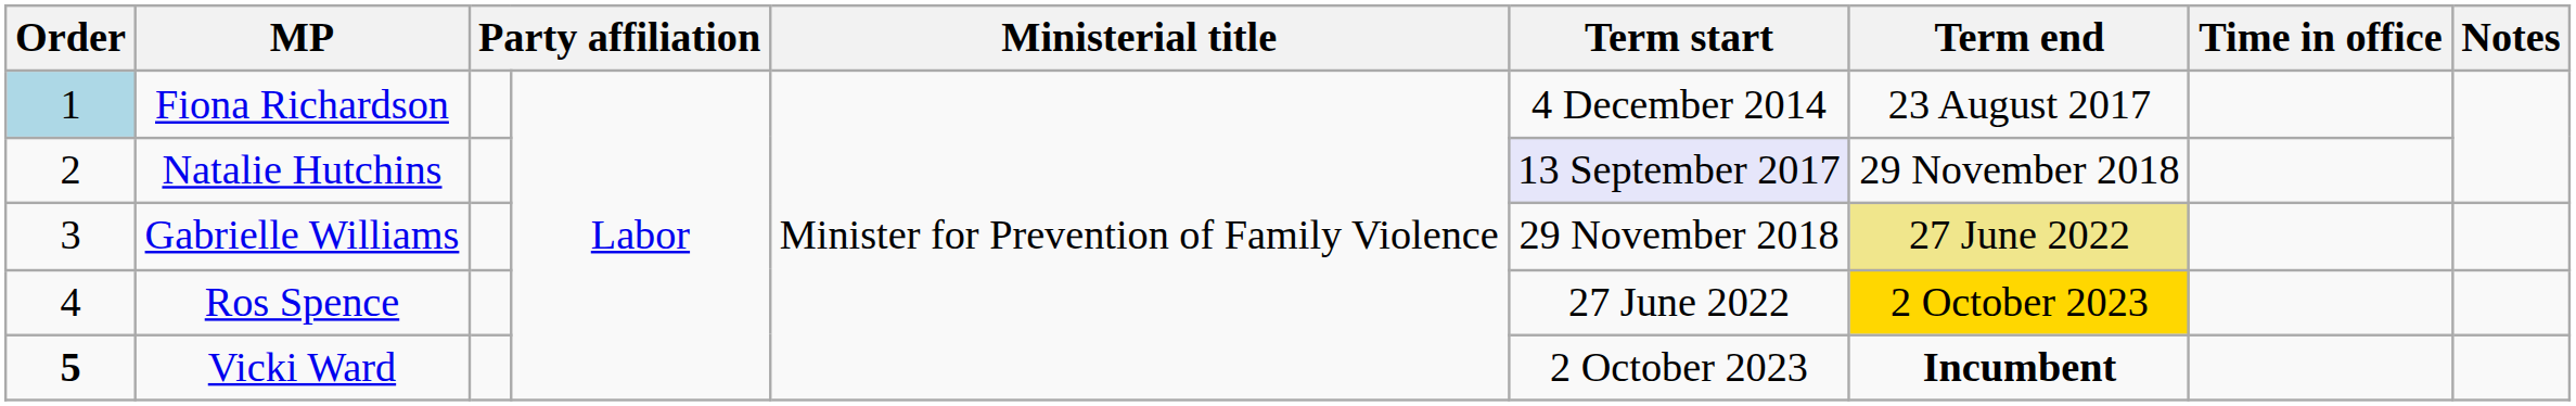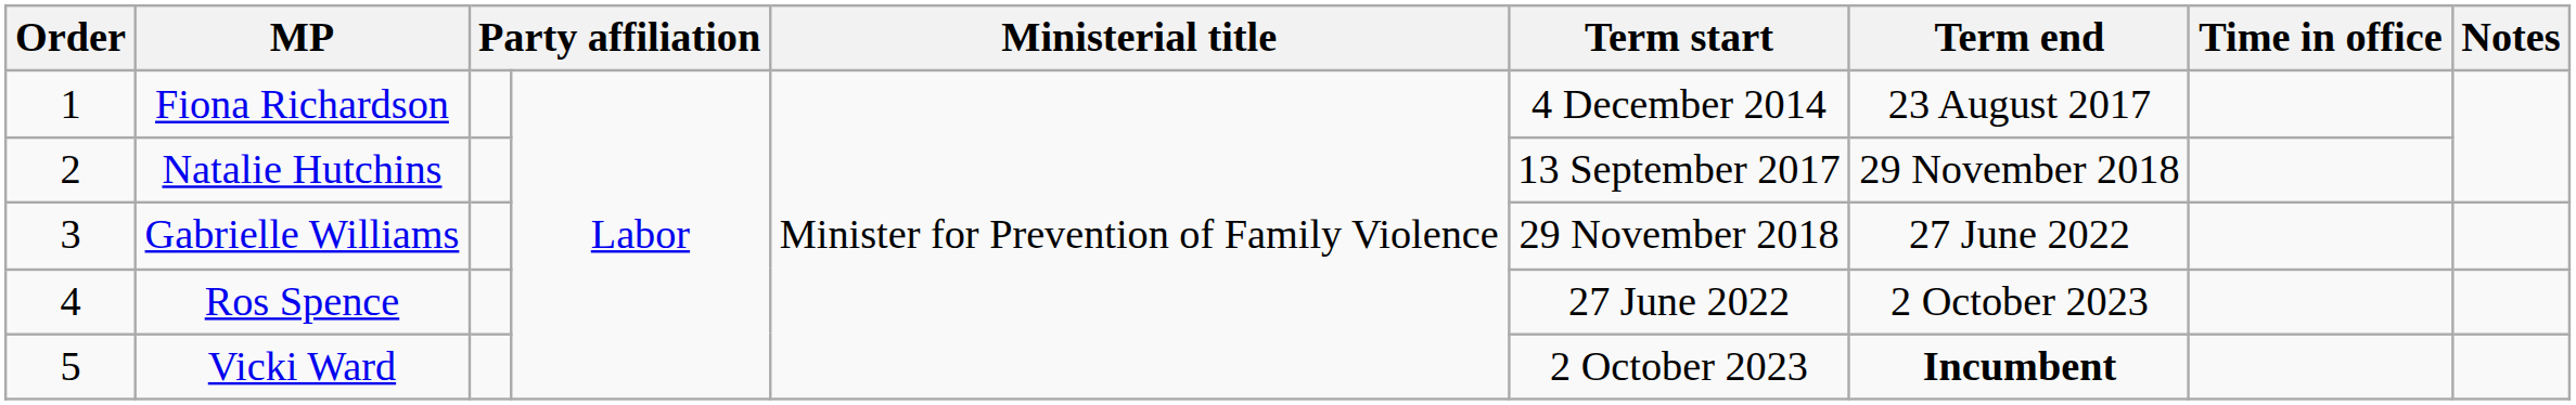 <table class="wikitable" style="text-align:center">
 <tr>
 <th>Order</th>
 <th>MP</th>
 <th colspan="2">Party affiliation</th>
 <th>Ministerial title</th>
 <th>Term start</th>
 <th>Term end</th>
 <th>Time in office</th>
 <th>Notes</th>
 </tr>
 <tr>
-<td style="background: lightblue;">1</td>
+<td>1</td>
 <td><a href='#'>Fiona Richardson</a> </td>
 <td></td>
 <td rowspan="5"><a href='#'>Labor</a></td>
 <td rowspan="5">Minister for Prevention of Family Violence</td>
 <td>4 December 2014</td>
 <td>23 August 2017</td>
 <td></td>
 <td rowspan="2"></td>
 </tr>
 <tr>
 <td>2</td>
 <td><a href='#'>Natalie Hutchins</a> </td>
 <td></td>
-<td style="background: lavender;">13 September 2017</td>
+<td>13 September 2017</td>
 <td>29 November 2018</td>
 <td></td>
 </tr>
 <tr>
 <td>3</td>
 <td><a href='#'>Gabrielle Williams</a> </td>
 <td></td>
 <td>29 November 2018</td>
-<td style="background: khaki;">27 June 2022</td>
+<td>27 June 2022</td>
 <td></td>
 <td></td>
 </tr>
 <tr>
 <td>4</td>
 <td><a href='#'>Ros Spence</a> </td>
 <td></td>
 <td>27 June 2022</td>
-<td style="background: gold;">2 October 2023</td>
+<td>2 October 2023</td>
 <td></td>
 <td></td>
 </tr>
 <tr>
-<td><strong>5</strong></td>
+<td>5</td>
 <td><a href='#'>Vicki Ward</a> </td>
 <td></td>
 <td>2 October 2023</td>
 <td><strong>Incumbent</strong></td>
 <td></td>
 <td></td>
 </tr>
 </table>
